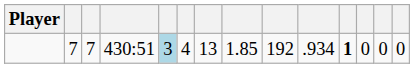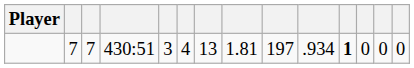 <table class="wikitable sortable" style="text-align:center;">
 <tr>
 <th>Player</th>
 <th></th>
 <th></th>
 <th></th>
 <th></th>
 <th></th>
 <th></th>
 <th></th>
 <th></th>
 <th></th>
 <th></th>
 <th></th>
 <th></th>
 <th></th>
 </tr>
 <tr>
 <td></td>
 <td>7</td>
 <td>7</td>
 <td>430:51</td>
-<td style="background: lightblue;">3</td>
+<td>3</td>
 <td>4</td>
 <td>13</td>
-<td>1.85</td>
-<td>192</td>
+<td>1.81</td>
+<td>197</td>
 <td>.934</td>
 <td><strong>1</strong></td>
 <td>0</td>
 <td>0</td>
 <td>0</td>
 </tr>
 </table>
